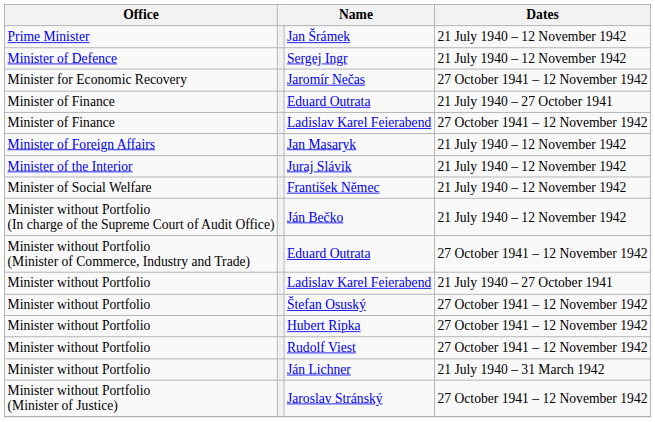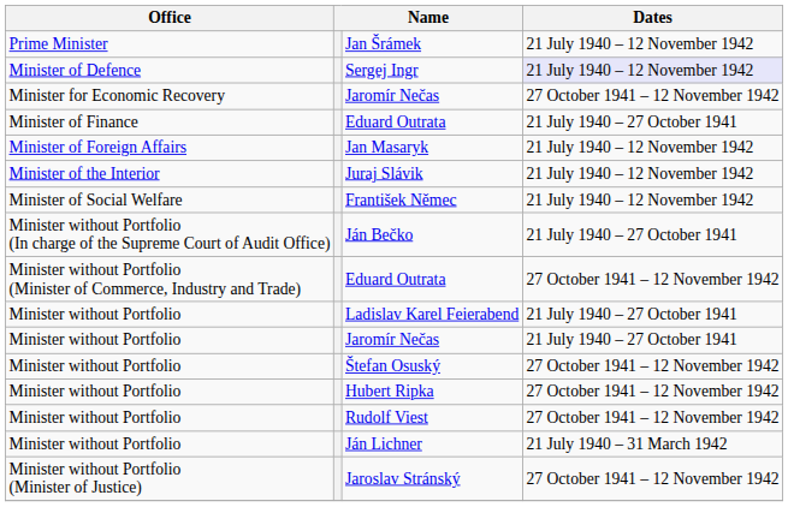 <table class="wikitable">
 <tr>
 <th>Office</th>
 <th colspan="2">Name</th>
 <th>Dates</th>
 </tr>
 <tr>
 <td><a href='#'>Prime Minister</a></td>
 <th style="background-color: "></th>
 <td><a href='#'>Jan Šrámek</a></td>
 <td>21 July 1940 – 12 November 1942</td>
 </tr>
 <tr>
 <td><a href='#'>Minister of Defence</a></td>
 <th style="background-color: "></th>
 <td><a href='#'>Sergej Ingr</a></td>
-<td>21 July 1940 – 12 November 1942</td>
+<td style="background: lavender;">21 July 1940 – 12 November 1942</td>
 </tr>
 <tr>
 <td>Minister for Economic Recovery</td>
 <th style="background-color: "></th>
 <td><a href='#'>Jaromír Nečas</a></td>
 <td>27 October 1941 – 12 November 1942</td>
 </tr>
 <tr>
 <td>Minister of Finance</td>
 <th style="background-color: "></th>
 <td><a href='#'>Eduard Outrata</a></td>
 <td>21 July 1940 – 27 October 1941</td>
-</tr>
-<tr>
-<td>Minister of Finance</td>
-<th style="background-color: "></th>
-<td><a href='#'>Ladislav Karel Feierabend</a></td>
-<td>27 October 1941 – 12 November 1942</td>
 </tr>
 <tr>
 <td><a href='#'>Minister of Foreign Affairs</a></td>
 <th style="background-color: "></th>
 <td><a href='#'>Jan Masaryk</a></td>
 <td>21 July 1940 – 12 November 1942</td>
 </tr>
 <tr>
 <td><a href='#'>Minister of the Interior</a></td>
 <th style="background-color: "></th>
 <td><a href='#'>Juraj Slávik</a></td>
 <td>21 July 1940 – 12 November 1942</td>
 </tr>
 <tr>
 <td>Minister of Social Welfare</td>
 <th style="background-color: "></th>
 <td><a href='#'>František Němec</a></td>
 <td>21 July 1940 – 12 November 1942</td>
 </tr>
 <tr>
 <td>Minister without Portfolio<br>(In charge of the Supreme Court of Audit Office)</td>
 <th style="background-color: "></th>
 <td><a href='#'>Ján Bečko</a></td>
-<td>21 July 1940 – 12 November 1942</td>
+<td>21 July 1940 – 27 October 1941</td>
 </tr>
 <tr>
 <td>Minister without Portfolio<br>(Minister of Commerce, Industry and Trade)</td>
 <th style="background-color: "></th>
 <td><a href='#'>Eduard Outrata</a></td>
 <td>27 October 1941 – 12 November 1942</td>
 </tr>
 <tr>
 <td>Minister without Portfolio</td>
 <th style="background-color: "></th>
 <td><a href='#'>Ladislav Karel Feierabend</a></td>
+<td>21 July 1940 – 27 October 1941</td>
+</tr>
+<tr>
+<td>Minister without Portfolio</td>
+<th style="background-color: "></th>
+<td><a href='#'>Jaromír Nečas</a></td>
 <td>21 July 1940 – 27 October 1941</td>
 </tr>
 <tr>
 <td>Minister without Portfolio</td>
 <th style="background-color: "></th>
 <td><a href='#'>Štefan Osuský</a></td>
 <td>27 October 1941 – 12 November 1942</td>
 </tr>
 <tr>
 <td>Minister without Portfolio</td>
 <th style="background-color: "></th>
 <td><a href='#'>Hubert Ripka</a></td>
 <td>27 October 1941 – 12 November 1942</td>
 </tr>
 <tr>
 <td>Minister without Portfolio</td>
 <th style="background-color: "></th>
 <td><a href='#'>Rudolf Viest</a></td>
 <td>27 October 1941 – 12 November 1942</td>
 </tr>
 <tr>
 <td>Minister without Portfolio</td>
 <th style="background-color: "></th>
 <td><a href='#'>Ján Lichner</a></td>
 <td>21 July 1940 – 31 March 1942</td>
 </tr>
 <tr>
 <td>Minister without Portfolio<br>(Minister of Justice)</td>
 <th style="background-color: "></th>
 <td><a href='#'>Jaroslav Stránský</a></td>
 <td>27 October 1941 – 12 November 1942</td>
 </tr>
 <tr>
 </tr>
 </table>
